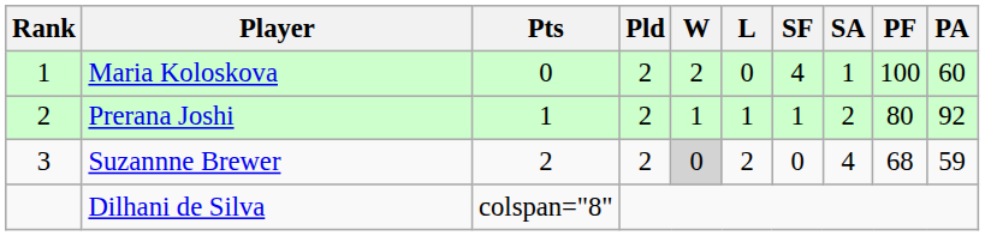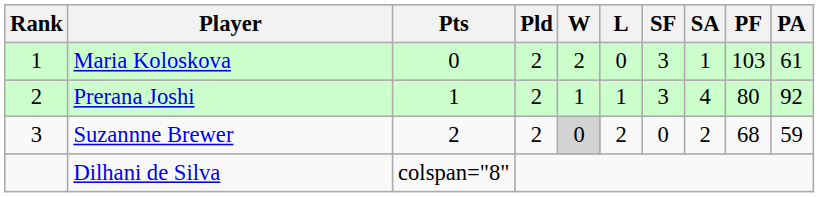 <table class=wikitable style="text-align:center; font-size:90%">
 <tr>
 <th width="20">Rank</th>
 <th width="200">Player</th>
 <th width="20">Pts</th>
 <th width="20">Pld</th>
 <th width="20">W</th>
 <th width="20">L</th>
 <th width="20">SF</th>
 <th width="20">SA</th>
 <th width="20">PF</th>
 <th width="20">PA</th>
 </tr>
 <tr bgcolor="#ccffcc">
 <td>1</td>
 <td style="text-align:left"> <a href='#'>Maria Koloskova</a></td>
 <td>0</td>
 <td>2</td>
 <td>2</td>
 <td>0</td>
-<td>4</td>
+<td>3</td>
 <td>1</td>
-<td>100</td>
-<td>60</td>
+<td>103</td>
+<td>61</td>
 </tr>
 <tr bgcolor="#ccffcc">
 <td>2</td>
 <td style="text-align:left"> <a href='#'>Prerana Joshi</a></td>
 <td>1</td>
 <td>2</td>
 <td>1</td>
 <td>1</td>
-<td>1</td>
-<td>2</td>
+<td>3</td>
+<td>4</td>
 <td>80</td>
 <td>92</td>
 </tr>
 <tr>
 <td>3</td>
 <td style="text-align:left"> <a href='#'>Suzannne Brewer</a></td>
 <td>2</td>
 <td>2</td>
 <td style="background: lightgrey;">0</td>
 <td>2</td>
 <td>0</td>
-<td>4</td>
+<td>2</td>
 <td>68</td>
 <td>59</td>
 </tr>
 <tr>
 <td></td>
 <td style="text-align:left"> <a href='#'>Dilhani de Silva</a></td>
 <td>colspan="8" </td>
 </tr>
 </table>
